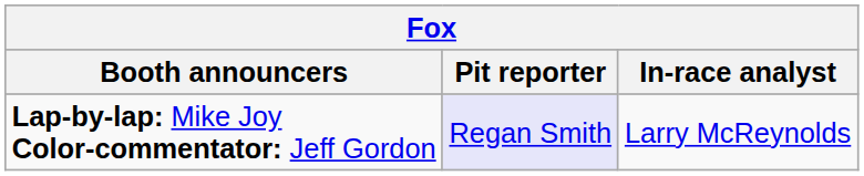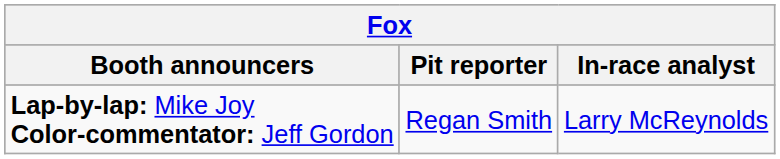 <table class="wikitable" style="font-size: 95%">
 <tr>
 <th colspan="3"><a href='#'>Fox</a></th>
 </tr>
 <tr>
 <th>Booth announcers</th>
 <th>Pit reporter</th>
 <th>In-race analyst</th>
 </tr>
 <tr>
 <td><strong>Lap-by-lap:</strong> <a href='#'>Mike Joy</a><br><strong>Color-commentator:</strong> <a href='#'>Jeff Gordon</a></td>
-<td style="background: lavender;"><a href='#'>Regan Smith</a></td>
+<td><a href='#'>Regan Smith</a></td>
 <td><a href='#'>Larry McReynolds</a></td>
 </tr>
 </table>
